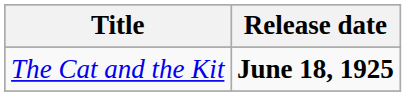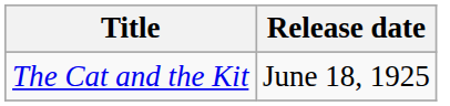 <table class="wikitable">
 <tr>
 <th>Title</th>
 <th>Release date</th>
 </tr>
 <tr>
 <td><em><a href='#'>The Cat and the Kit</a></em> </td>
-<td><strong>June 18, 1925</strong></td>
+<td>June 18, 1925</td>
 </tr>
 </table>
